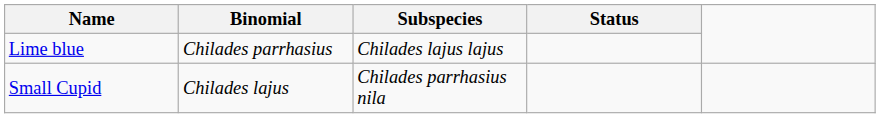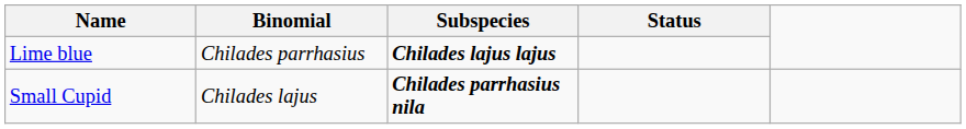 <table width=60% class="wikitable">
 <tr>
 <th width=20%>Name</th>
 <th width=20%>Binomial</th>
 <th width=20%>Subspecies</th>
 <th width=20%>Status</th>
 </tr>
 <tr>
 <td><a href='#'>Lime blue</a><br>   </td>
 <td><em>Chilades parrhasius</em></td>
-<td><em>Chilades lajus lajus</em></td>
+<td><strong><em>Chilades lajus lajus</em></strong></td>
 <td></td>
 </tr>
 <tr>
 <td><a href='#'>Small Cupid</a><br> </td>
 <td><em>Chilades lajus</em></td>
-<td><em>Chilades parrhasius nila</em></td>
+<td><strong><em>Chilades parrhasius nila</em></strong></td>
 <td></td>
 <td></td>
 </tr>
 </table>
